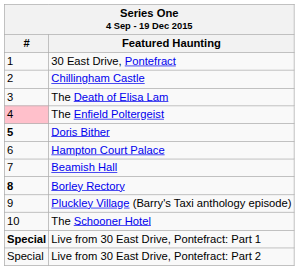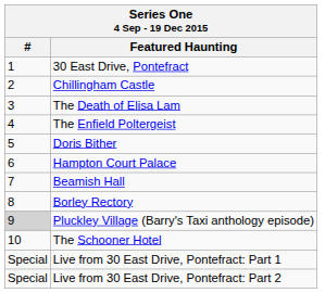 <table class="wikitable">
 <tr>
 <th colspan="3">Series One<br><small>4 Sep - 19 Dec 2015</small></th>
 </tr>
 <tr>
 <th>#</th>
 <th>Featured Haunting</th>
 </tr>
 <tr>
 <td>1</td>
 <td>30 East Drive, <a href='#'>Pontefract</a></td>
 </tr>
 <tr>
 <td>2</td>
 <td><a href='#'>Chillingham Castle</a></td>
 </tr>
 <tr>
 <td>3</td>
 <td>The <a href='#'>Death of Elisa Lam</a></td>
 </tr>
 <tr>
-<td style="background: pink;">4</td>
+<td>4</td>
 <td>The <a href='#'>Enfield Poltergeist</a></td>
 </tr>
 <tr>
-<td><strong>5</strong></td>
+<td>5</td>
 <td><a href='#'>Doris Bither</a></td>
 </tr>
 <tr>
 <td>6</td>
 <td><a href='#'>Hampton Court Palace</a></td>
 </tr>
 <tr>
 <td>7</td>
 <td><a href='#'>Beamish Hall</a></td>
 </tr>
 <tr>
-<td><strong>8</strong></td>
+<td>8</td>
 <td><a href='#'>Borley Rectory</a></td>
 </tr>
 <tr>
-<td>9</td>
+<td style="background: lightgrey;">9</td>
 <td><a href='#'>Pluckley Village</a> (Barry's Taxi anthology episode)</td>
 </tr>
 <tr>
 <td>10</td>
 <td>The <a href='#'>Schooner Hotel</a></td>
 </tr>
 <tr>
-<td><strong>Special</strong></td>
+<td>Special</td>
 <td>Live from 30 East Drive, Pontefract: Part 1</td>
 </tr>
 <tr>
 <td>Special</td>
 <td>Live from 30 East Drive, Pontefract: Part 2</td>
 </tr>
 </table>
